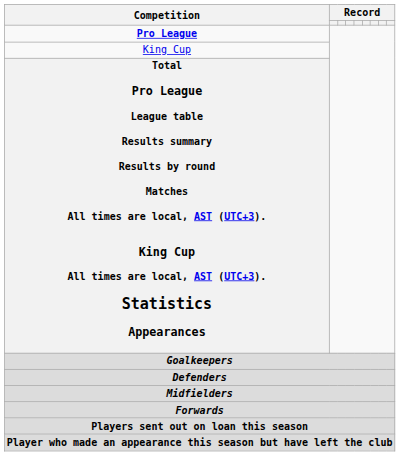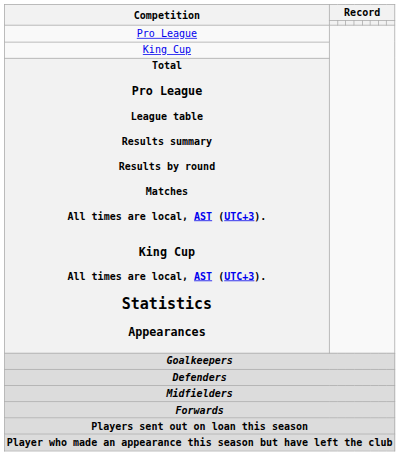 <table class="wikitable" style="text-align: center">
 <tr>
 <th rowspan=2>Competition</th>
 <th colspan=8>Record</th>
 </tr>
 <tr>
 <th></th>
 <th></th>
 <th></th>
 <th></th>
 <th></th>
 <th></th>
 <th></th>
 <th></th>
 </tr>
 <tr>
-<td><strong><a href='#'>Pro League</a><br></strong></td>
+<td><a href='#'>Pro League</a><br></td>
 </tr>
 <tr>
 <td><a href='#'>King Cup</a><br></td>
 </tr>
 <tr>
 <th>Total<br> <h3>Pro League</h3><h4>League table</h4><h4>Results summary</h4> <h4>Results by round</h4><h4>Matches</h4>All times are local, <a href='#'>AST</a> (<a href='#'>UTC+3</a>).<br>   <br>                             <h3>King Cup</h3> All times are local, <a href='#'>AST</a> (<a href='#'>UTC+3</a>).<br><h2>Statistics</h2><h3>Appearances</h3></th>
 </tr>
 <tr>
 <th colspan=10 style=background:#dcdcdc; text-align:center><em>Goalkeepers</em><br>  </th>
 </tr>
 <tr>
 <th colspan=10 style=background:#dcdcdc; text-align:center><em>Defenders</em><br>       </th>
 </tr>
 <tr>
 <th colspan=10 style=background:#dcdcdc; text-align:center><em>Midfielders</em><br>            </th>
 </tr>
 <tr>
 <th colspan=10 style=background:#dcdcdc; text-align:center><em>Forwards</em><br>    </th>
 </tr>
 <tr>
 <th colspan=14 style=background:#dcdcdc; text-align:center>Players sent out on loan this season<br> </th>
 </tr>
 <tr>
 <th colspan=18 style=background:#dcdcdc; text-align:center>Player who made an appearance this season but have left the club<br>  </th>
 </tr>
 </table>
